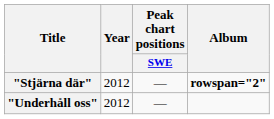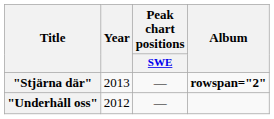 <table class="wikitable plainrowheaders" style="text-align:center;">
 <tr>
 <th scope="col" rowspan="2">Title</th>
 <th scope="col" rowspan="2">Year</th>
 <th scope="col" colspan="1">Peak chart positions</th>
 <th scope="col" rowspan="2">Album</th>
 </tr>
 <tr>
 <th scope="col" style="width:3em;font-size:85%;"><a href='#'>SWE</a></th>
 </tr>
 <tr>
 <th scope="row">"Stjärna där"</th>
-<td>2012</td>
+<td>2013</td>
 <td>—</td>
 <td><strong>rowspan="2" </strong></td>
 </tr>
 <tr>
 <th scope="row">"Underhåll oss"</th>
 <td>2012</td>
 <td>—</td>
 </tr>
 </table>
